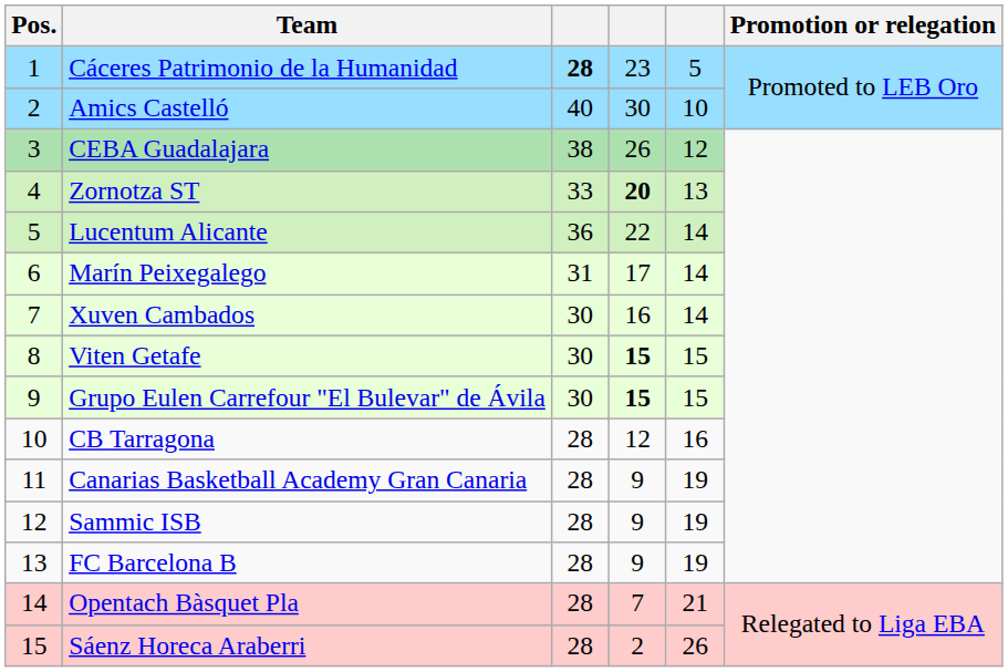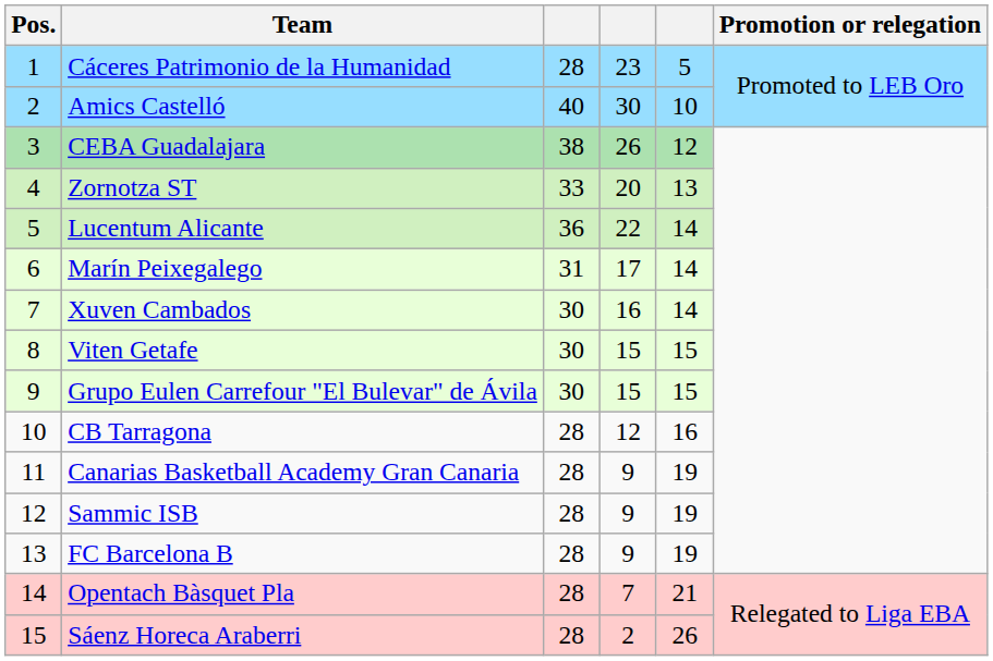 <table class="wikitable" style="text-align: center">
 <tr>
 <th width=28>Pos.</th>
 <th>Team</th>
 <th width=28></th>
 <th width=28></th>
 <th width=28></th>
 <th>Promotion or relegation</th>
 </tr>
 <tr bgcolor=#97DEFF>
 <td>1</td>
 <td align="left"><a href='#'>Cáceres Patrimonio de la Humanidad</a></td>
-<td><strong>28</strong></td>
+<td>28</td>
 <td>23</td>
 <td>5</td>
 <td rowspan=2>Promoted to <a href='#'>LEB Oro</a></td>
 </tr>
 <tr bgcolor=#97DEFF>
 <td>2</td>
 <td align="left"><a href='#'>Amics Castelló</a></td>
 <td>40</td>
 <td>30</td>
 <td>10</td>
 </tr>
 <tr bgcolor=#ACE1AF>
 <td>3</td>
 <td align="left"><a href='#'>CEBA Guadalajara</a></td>
 <td>38</td>
 <td>26</td>
 <td>12</td>
 </tr>
 <tr bgcolor=#D0F0C0>
 <td>4</td>
 <td align="left"><a href='#'>Zornotza ST</a></td>
 <td>33</td>
-<td><strong>20</strong></td>
+<td>20</td>
 <td>13</td>
 </tr>
 <tr bgcolor=#D0F0C0>
 <td>5</td>
 <td align="left"><a href='#'>Lucentum Alicante</a></td>
 <td>36</td>
 <td>22</td>
 <td>14</td>
 </tr>
 <tr bgcolor=#E8FFD8>
 <td>6</td>
 <td align="left"><a href='#'>Marín Peixegalego</a></td>
 <td>31</td>
 <td>17</td>
 <td>14</td>
 </tr>
 <tr bgcolor=#E8FFD8>
 <td>7</td>
 <td align="left"><a href='#'>Xuven Cambados</a></td>
 <td>30</td>
 <td>16</td>
 <td>14</td>
 </tr>
 <tr bgcolor=#E8FFD8>
 <td>8</td>
 <td align="left"><a href='#'>Viten Getafe</a></td>
 <td>30</td>
-<td><strong>15</strong></td>
+<td>15</td>
 <td>15</td>
 </tr>
 <tr bgcolor=#E8FFD8>
 <td>9</td>
 <td align="left"><a href='#'>Grupo Eulen Carrefour "El Bulevar" de Ávila</a></td>
 <td>30</td>
-<td><strong>15</strong></td>
+<td>15</td>
 <td>15</td>
 </tr>
 <tr>
 <td>10</td>
 <td align="left"><a href='#'>CB Tarragona</a></td>
 <td>28</td>
 <td>12</td>
 <td>16</td>
 </tr>
 <tr>
 <td>11</td>
 <td align="left"><a href='#'>Canarias Basketball Academy Gran Canaria</a></td>
 <td>28</td>
 <td>9</td>
 <td>19</td>
 </tr>
 <tr>
 <td>12</td>
 <td align="left"><a href='#'>Sammic ISB</a></td>
 <td>28</td>
 <td>9</td>
 <td>19</td>
 </tr>
 <tr>
 <td>13</td>
 <td align="left"><a href='#'>FC Barcelona B</a></td>
 <td>28</td>
 <td>9</td>
 <td>19</td>
 </tr>
 <tr bgcolor=#FFCCCC>
 <td>14</td>
 <td align="left"><a href='#'>Opentach Bàsquet Pla</a></td>
 <td>28</td>
 <td>7</td>
 <td>21</td>
 <td rowspan=2>Relegated to <a href='#'>Liga EBA</a></td>
 </tr>
 <tr bgcolor=#FFCCCC>
 <td>15</td>
 <td align="left"><a href='#'>Sáenz Horeca Araberri</a></td>
 <td>28</td>
 <td>2</td>
 <td>26</td>
 </tr>
 </table>
